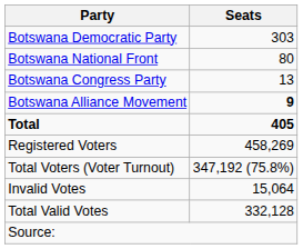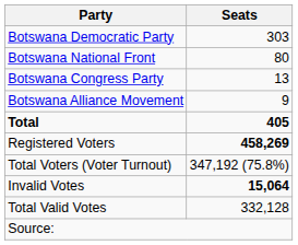 <table class=wikitable style=text-align:right>
 <tr>
 <th>Party</th>
 <th>Seats</th>
 </tr>
 <tr>
 <td align=left><a href='#'>Botswana Democratic Party</a></td>
 <td>303</td>
 </tr>
 <tr>
 <td align=left><a href='#'>Botswana National Front</a></td>
 <td>80</td>
 </tr>
 <tr>
 <td align=left><a href='#'>Botswana Congress Party</a></td>
 <td>13</td>
 </tr>
 <tr>
 <td align=left><a href='#'>Botswana Alliance Movement</a></td>
-<td><strong>9</strong></td>
+<td>9</td>
 </tr>
 <tr>
 <td align=left><strong>Total</strong></td>
 <td><strong>405</strong></td>
 </tr>
 <tr |->
 <td align=left>Registered Voters</td>
-<td>458,269</td>
+<td><strong>458,269</strong></td>
 </tr>
 <tr>
 <td align=left>Total Voters (Voter Turnout)</td>
 <td>347,192 (75.8%)</td>
 </tr>
 <tr>
 <td align=left>Invalid Votes</td>
-<td>15,064</td>
+<td><strong>15,064</strong></td>
 </tr>
 <tr>
 <td align=left>Total Valid Votes</td>
 <td>332,128</td>
 </tr>
 <tr>
 <td colspan=4 align=left>Source: </td>
 </tr>
 </table>
